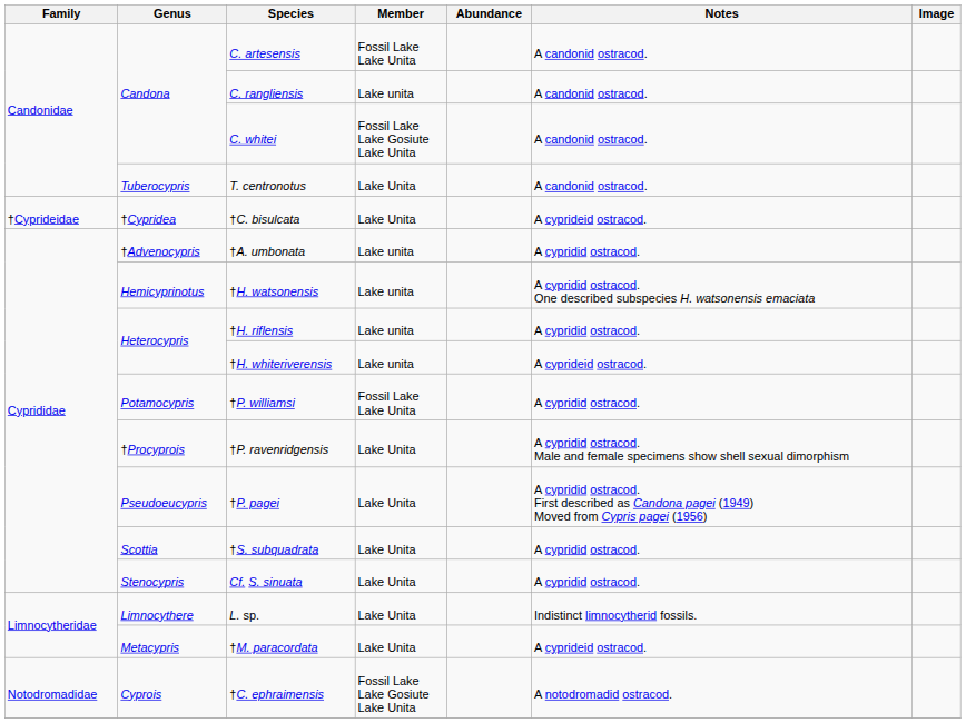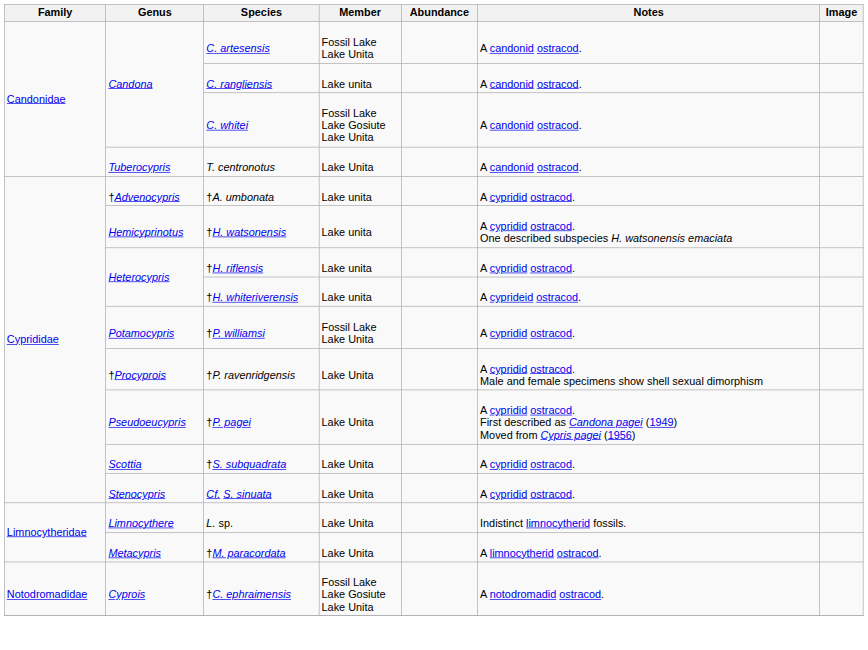 <table class="wikitable" style="margin:auto;width:100%;">
 <tr>
 <th>Family</th>
 <th>Genus</th>
 <th>Species</th>
 <th>Member</th>
 <th>Abundance</th>
 <th>Notes</th>
 <th>Image</th>
 </tr>
 <tr>
 <td rowspan=4><a href='#'>Candonidae</a></td>
 <td rowspan=3><em><a href='#'>Candona</a></em></td>
 <td><br><em><a href='#'>C. artesensis</a></em> </td>
 <td><br>Fossil Lake<br> Lake Unita</td>
 <td></td>
 <td><br>A <a href='#'>candonid</a> <a href='#'>ostracod</a>.</td>
 <td></td>
 </tr>
 <tr>
 <td><br><em><a href='#'>C. rangliensis</a></em> </td>
 <td><br>Lake unita</td>
 <td></td>
 <td><br>A <a href='#'>candonid</a> <a href='#'>ostracod</a>.</td>
 <td></td>
 </tr>
 <tr>
 <td><br><em><a href='#'>C. whitei</a></em> </td>
 <td><br>Fossil Lake<br> Lake Gosiute<br> Lake Unita</td>
 <td></td>
 <td><br>A <a href='#'>candonid</a> <a href='#'>ostracod</a>.</td>
 <td></td>
 </tr>
 <tr>
 <td><br><em><a href='#'>Tuberocypris</a></em></td>
 <td><br><em>T. centronotus</em> </td>
 <td><br>Lake Unita</td>
 <td></td>
 <td><br>A <a href='#'>candonid</a> <a href='#'>ostracod</a>.</td>
-<td></td>
-</tr>
-<tr>
-<td><br>†<a href='#'>Cyprideidae</a></td>
-<td><br>†<em><a href='#'>Cypridea</a></em></td>
-<td><br>†<em>C. bisulcata</em> </td>
-<td><br>Lake Unita</td>
-<td></td>
-<td><br>A <a href='#'>cyprideid</a> <a href='#'>ostracod</a>.</td>
 <td></td>
 </tr>
 <tr>
 <td rowspan=9><a href='#'>Cyprididae</a></td>
 <td><br>†<em><a href='#'>Advenocypris</a></em></td>
 <td><br>†<em>A. umbonata</em> </td>
 <td><br>Lake unita</td>
 <td></td>
 <td><br>A <a href='#'>cypridid</a> <a href='#'>ostracod</a>.</td>
 <td></td>
 </tr>
 <tr>
 <td><br><em><a href='#'>Hemicyprinotus</a></em></td>
 <td><br>†<em><a href='#'>H. watsonensis</a></em> </td>
 <td><br>Lake unita</td>
 <td></td>
 <td><br>A <a href='#'>cypridid</a> <a href='#'>ostracod</a>.<br>One described subspecies <em>H. watsonensis emaciata</em></td>
 <td></td>
 </tr>
 <tr>
 <td rowspan=2><em><a href='#'>Heterocypris</a></em></td>
 <td><br>†<em><a href='#'>H. riflensis</a></em> </td>
 <td><br>Lake unita</td>
 <td></td>
 <td><br>A <a href='#'>cypridid</a> <a href='#'>ostracod</a>.</td>
 <td></td>
 </tr>
 <tr>
 <td><br>†<em><a href='#'>H. whiteriverensis</a></em> </td>
 <td><br>Lake unita</td>
 <td></td>
 <td><br>A <a href='#'>cyprideid</a> <a href='#'>ostracod</a>.</td>
 <td></td>
 </tr>
 <tr>
 <td><br><em><a href='#'>Potamocypris</a></em></td>
 <td><br>†<em><a href='#'>P. williamsi</a></em> </td>
 <td><br>Fossil Lake<br> Lake Unita</td>
 <td></td>
 <td><br>A <a href='#'>cypridid</a> <a href='#'>ostracod</a>.</td>
 <td></td>
 </tr>
 <tr>
 <td><br>†<em><a href='#'>Procyprois</a></em></td>
 <td><br>†<em>P. ravenridgensis</em> </td>
 <td><br>Lake Unita</td>
 <td></td>
 <td><br>A <a href='#'>cypridid</a> <a href='#'>ostracod</a>.<br>Male and female specimens show shell sexual dimorphism</td>
 <td></td>
 </tr>
 <tr>
 <td><br><em><a href='#'>Pseudoeucypris</a></em></td>
 <td><br>†<em><a href='#'>P. pagei</a></em> </td>
 <td><br>Lake Unita</td>
 <td></td>
 <td><br>A <a href='#'>cypridid</a> <a href='#'>ostracod</a>.<br>First described as <em><a href='#'>Candona pagei</a></em> (<a href='#'>1949</a>)<br>Moved from <em><a href='#'>Cypris pagei</a></em> (<a href='#'>1956</a>)</td>
 <td></td>
 </tr>
 <tr>
 <td><br><em><a href='#'>Scottia</a></em></td>
 <td><br>†<em><a href='#'>S. subquadrata</a></em> </td>
 <td><br>Lake Unita</td>
 <td></td>
 <td><br>A <a href='#'>cypridid</a> <a href='#'>ostracod</a>.</td>
 <td></td>
 </tr>
 <tr>
 <td><br><em><a href='#'>Stenocypris</a></em></td>
 <td><br><em><a href='#'>Cf.</a></em> <em><a href='#'>S. sinuata</a></em> </td>
 <td><br>Lake Unita</td>
 <td></td>
 <td><br>A <a href='#'>cypridid</a> <a href='#'>ostracod</a>.</td>
 <td></td>
 </tr>
 <tr>
 <td rowspan=2><a href='#'>Limnocytheridae</a></td>
 <td><br><em><a href='#'>Limnocythere</a></em></td>
 <td><br><em>L.</em> sp.</td>
 <td><br>Lake Unita</td>
 <td></td>
 <td><br>Indistinct <a href='#'>limnocytherid</a> fossils.</td>
 <td></td>
 </tr>
 <tr>
 <td><br><em><a href='#'>Metacypris</a></em></td>
 <td><br>†<em><a href='#'>M. paracordata</a></em> </td>
 <td><br>Lake Unita</td>
 <td></td>
-<td><br>A <a href='#'>cyprideid</a> <a href='#'>ostracod</a>.</td>
+<td><br>A <a href='#'>limnocytherid</a> <a href='#'>ostracod</a>.</td>
 <td></td>
 </tr>
 <tr>
 <td><br><a href='#'>Notodromadidae</a></td>
 <td><br><em><a href='#'>Cyprois</a></em></td>
 <td><br>†<em><a href='#'>C. ephraimensis</a></em> </td>
 <td><br>Fossil Lake<br> Lake Gosiute<br> Lake Unita</td>
 <td></td>
 <td><br>A <a href='#'>notodromadid</a> <a href='#'>ostracod</a>.</td>
 <td></td>
 </tr>
 <tr>
 </tr>
 </table>
